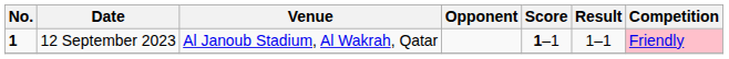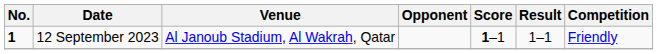 <table class="wikitable">
 <tr>
 <th>No.</th>
 <th>Date</th>
 <th>Venue</th>
 <th>Opponent</th>
 <th>Score</th>
 <th>Result</th>
 <th>Competition</th>
 </tr>
 <tr>
 <td><strong>1</strong></td>
 <td>12 September 2023</td>
 <td><a href='#'>Al Janoub Stadium</a>, <a href='#'>Al Wakrah</a>, Qatar</td>
 <td></td>
 <td align=center><strong>1</strong>–1</td>
 <td align=center>1–1</td>
-<td style="background: pink;"><a href='#'>Friendly</a></td>
+<td><a href='#'>Friendly</a></td>
 </tr>
 <tr>
 </tr>
 </table>
